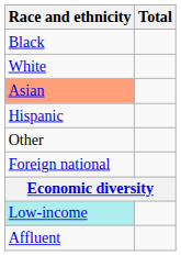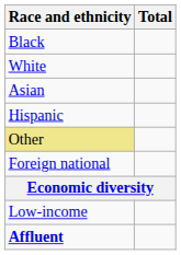 <table class="wikitable floatright sortable collapsible"; text-align:right; font-size:80%;">
 <tr>
 <th>Race and ethnicity</th>
 <th colspan="2" data-sort-type=number>Total</th>
 </tr>
 <tr>
 <td><a href='#'>Black</a></td>
 <td align=right></td>
 </tr>
 <tr>
 <td><a href='#'>White</a></td>
 <td align=right></td>
 </tr>
 <tr>
-<td style="background: lightsalmon;"><a href='#'>Asian</a></td>
+<td><a href='#'>Asian</a></td>
 <td align=right></td>
 </tr>
 <tr>
 <td><a href='#'>Hispanic</a></td>
 <td align=right></td>
 </tr>
 <tr>
-<td>Other</td>
+<td style="background: khaki;">Other</td>
 <td align=right></td>
 </tr>
 <tr>
 <td><a href='#'>Foreign national</a></td>
 <td align=right></td>
 </tr>
 <tr>
 <th colspan="4" data-sort-type=number><a href='#'>Economic diversity</a></th>
 </tr>
 <tr>
-<td style="background: paleturquoise;"><a href='#'>Low-income</a></td>
+<td><a href='#'>Low-income</a></td>
 <td align=right></td>
 </tr>
 <tr>
-<td><a href='#'>Affluent</a></td>
+<td><strong><a href='#'>Affluent</a></strong></td>
 <td align=right></td>
 </tr>
 </table>
